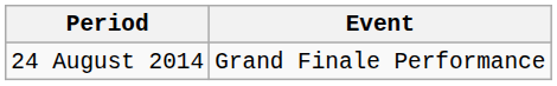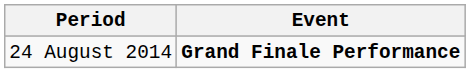 <table class="wikitable sortable">
 <tr>
 <th>Period</th>
 <th>Event</th>
 </tr>
 <tr>
 <td>24 August 2014</td>
-<td>Grand Finale Performance</td>
+<td><strong>Grand Finale Performance</strong></td>
 </tr>
 </table>
